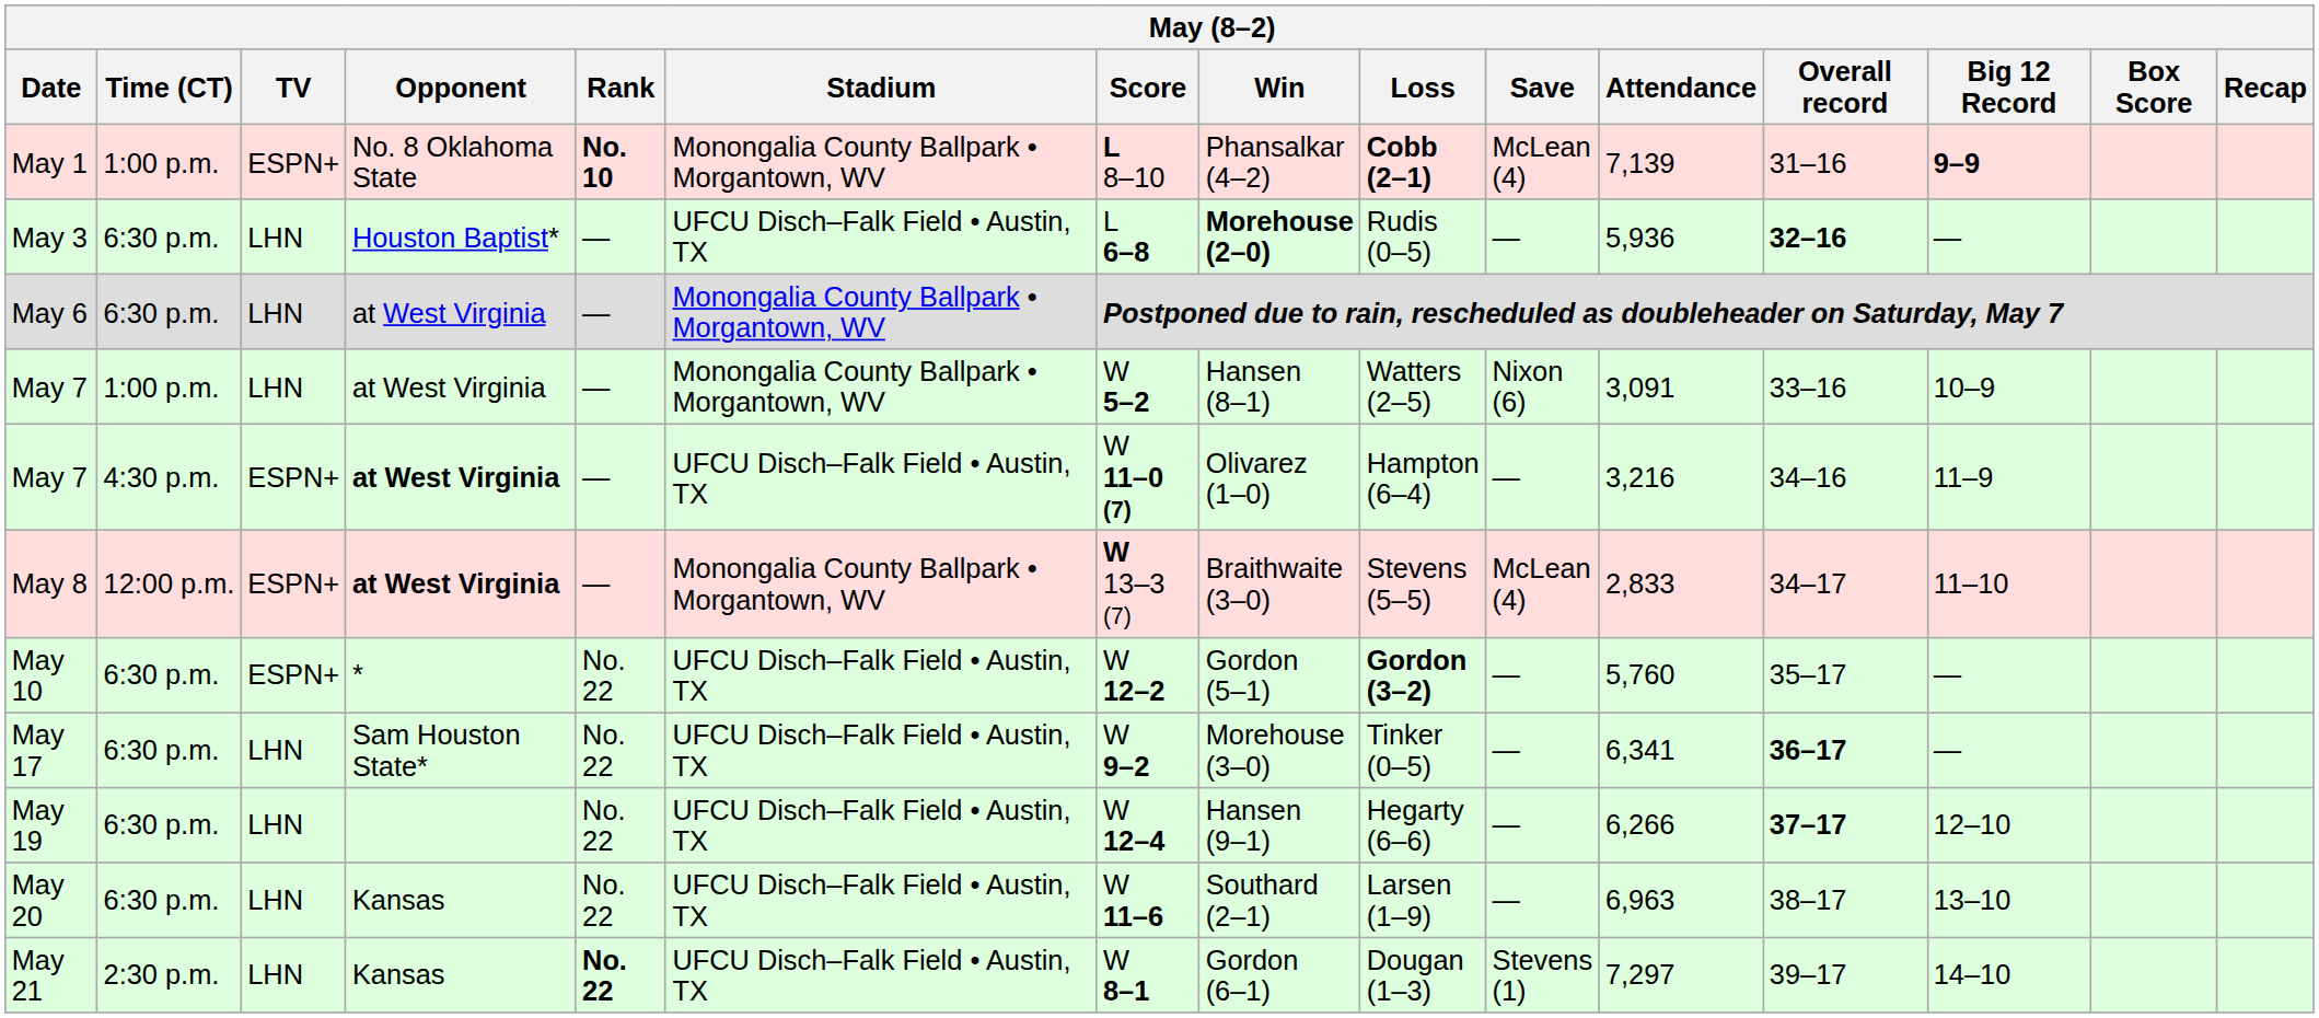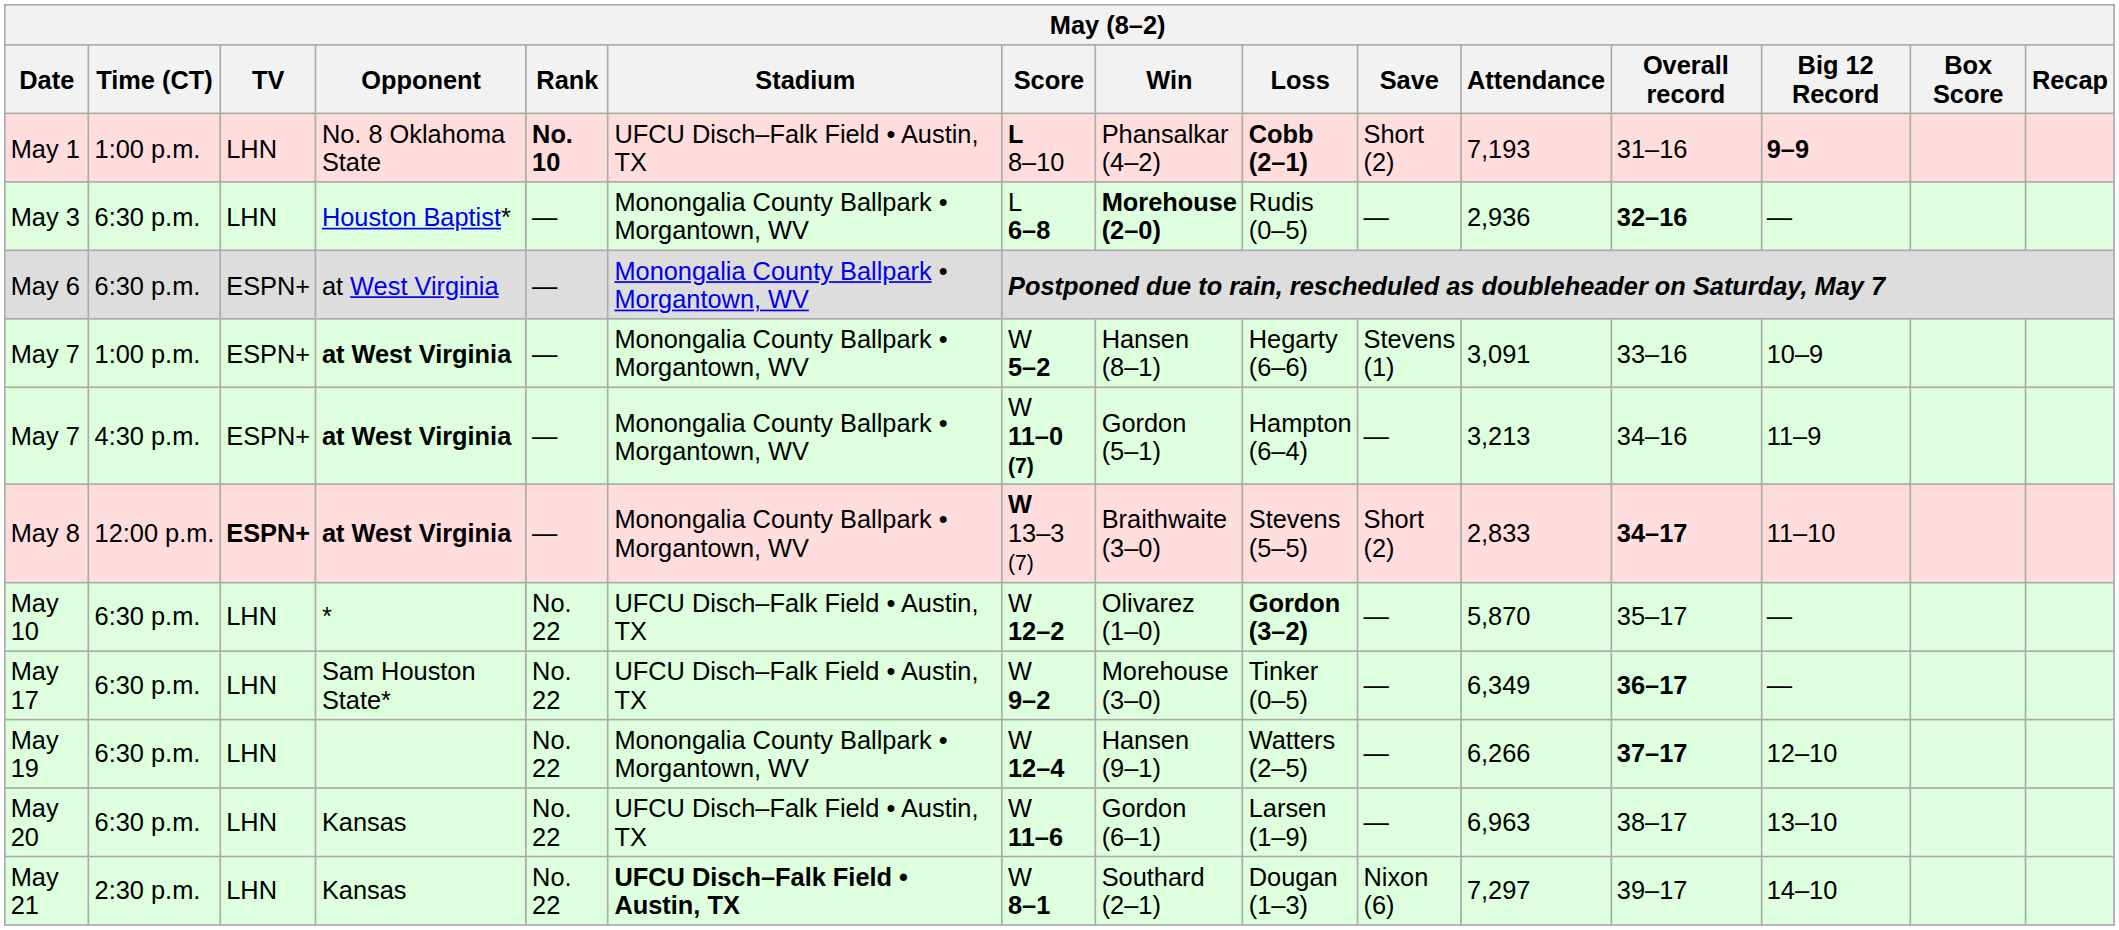 <table class="wikitable collapsible collapsed" style="margin:auto; font-size:95%; width:100%">
 <tr>
 <th colspan=15 style="padding-left:4em;">May (8–2)</th>
 </tr>
 <tr>
 <th>Date</th>
 <th>Time (CT)</th>
 <th>TV</th>
 <th>Opponent</th>
 <th>Rank</th>
 <th>Stadium</th>
 <th>Score</th>
 <th>Win</th>
 <th>Loss</th>
 <th>Save</th>
 <th>Attendance</th>
 <th>Overall record</th>
 <th>Big 12 Record</th>
 <th>Box Score</th>
 <th>Recap</th>
 </tr>
 <tr bgcolor=#Ffdddd>
 <td>May 1</td>
 <td>1:00 p.m.</td>
-<td>ESPN+</td>
+<td>LHN</td>
 <td>No. 8 Oklahoma State</td>
 <td><strong>No. 10</strong></td>
-<td>Monongalia County Ballpark • Morgantown, WV</td>
+<td>UFCU Disch–Falk Field • Austin, TX</td>
 <td><strong>L</strong><br>8–10</td>
 <td>Phansalkar<br>(4–2)</td>
 <td><strong>Cobb<br>(2–1)</strong></td>
-<td>McLean<br>(4)</td>
-<td>7,139</td>
+<td>Short<br>(2)</td>
+<td>7,193</td>
 <td>31–16</td>
 <td><strong>9–9</strong></td>
 <td></td>
 <td></td>
 </tr>
 <tr bgcolor=#ddffdd>
 <td>May 3</td>
 <td>6:30 p.m.</td>
 <td>LHN</td>
 <td><a href='#'>Houston Baptist</a>*</td>
 <td>—</td>
-<td>UFCU Disch–Falk Field • Austin, TX</td>
+<td>Monongalia County Ballpark • Morgantown, WV</td>
 <td></strong>L<strong><br>6–8</td>
 <td><strong>Morehouse<br>(2–0)</strong></td>
 <td>Rudis<br>(0–5)</td>
 <td>—</td>
-<td>5,936</td>
+<td>2,936</td>
 <td><strong>32–16</strong></td>
 <td>—</td>
 <td></td>
 <td></td>
 </tr>
 <tr bgcolor=#dddddd>
 <td>May 6</td>
 <td>6:30 p.m.</td>
-<td>LHN</td>
+<td>ESPN+</td>
 <td>at <a href='#'>West Virginia</a></td>
 <td>—</td>
 <td><a href='#'>Monongalia County Ballpark</a> • <a href='#'>Morgantown, WV</a></td>
 <td colspan=9><strong><em>Postponed<strong> due to rain, rescheduled as doubleheader on Saturday, May 7<em></td>
 </tr>
 <tr bgcolor=#ddffdd>
 <td>May 7</td>
 <td>1:00 p.m.</td>
-<td>LHN</td>
-<td>at West Virginia</td>
+<td>ESPN+</td>
+<td><strong>at West Virginia</strong></td>
 <td>—</td>
 <td>Monongalia County Ballpark • Morgantown, WV</td>
 <td></strong>W<strong><br>5–2</td>
 <td></strong>Hansen<br>(8–1)<strong></td>
-<td>Watters<br>(2–5)</td>
-<td></strong>Nixon<br>(6)<strong></td>
+<td>Hegarty<br>(6–6)</td>
+<td></strong>Stevens<br>(1)<strong></td>
 <td>3,091</td>
 <td>33–16</td>
 <td>10–9</td>
 <td></td>
 <td></td>
 </tr>
 <tr bgcolor=#ddffdd>
 <td>May 7</td>
 <td>4:30 p.m.</td>
 <td>ESPN+</td>
 <td><strong>at West Virginia</strong></td>
 <td>—</td>
-<td>UFCU Disch–Falk Field • Austin, TX</td>
+<td>Monongalia County Ballpark • Morgantown, WV</td>
 <td></strong>W<strong><br>11–0 <small>(7)</small></td>
-<td></strong>Olivarez<br>(1–0)<strong></td>
+<td></strong>Gordon<br>(5–1)<strong></td>
 <td>Hampton<br>(6–4)</td>
 <td>—</td>
-<td>3,216</td>
+<td>3,213</td>
 <td>34–16</td>
 <td>11–9</td>
 <td></td>
 <td></td>
 </tr>
 <tr bgcolor=#Ffdddd>
 <td>May 8</td>
 <td>12:00 p.m.</td>
-<td>ESPN+</td>
+<td><strong>ESPN+</strong></td>
 <td><strong>at West Virginia</strong></td>
 <td>—</td>
 <td>Monongalia County Ballpark • Morgantown, WV</td>
 <td><strong>W</strong><br>13–3 <small>(7)</small></td>
 <td>Braithwaite<br>(3–0)</td>
 <td></strong>Stevens<br>(5–5)<strong></td>
-<td>McLean<br>(4)</td>
+<td>Short<br>(2)</td>
 <td>2,833</td>
-<td>34–17</td>
+<td><strong>34–17</strong></td>
 <td>11–10</td>
 <td></td>
 <td></td>
 </tr>
 <tr bgcolor=#ddffdd>
 <td>May 10</td>
 <td>6:30 p.m.</td>
-<td>ESPN+</td>
+<td>LHN</td>
 <td>*</td>
 <td>No. 22</td>
 <td>UFCU Disch–Falk Field • Austin, TX</td>
 <td></strong>W<strong><br>12–2</td>
-<td></strong>Gordon<br>(5–1)<strong></td>
+<td></strong>Olivarez<br>(1–0)<strong></td>
 <td><strong>Gordon<br>(3–2)</strong></td>
 <td>—</td>
-<td>5,760</td>
+<td>5,870</td>
 <td>35–17</td>
 <td>—</td>
 <td></td>
 <td></td>
 </tr>
 <tr bgcolor=#ddffdd>
 <td>May 17</td>
 <td>6:30 p.m.</td>
 <td>LHN</td>
 <td>Sam Houston State*</td>
 <td>No. 22</td>
 <td>UFCU Disch–Falk Field • Austin, TX</td>
 <td></strong>W<strong><br>9–2</td>
 <td></strong>Morehouse<br>(3–0)<strong></td>
 <td>Tinker<br>(0–5)</td>
 <td>—</td>
-<td>6,341</td>
+<td>6,349</td>
 <td><strong>36–17</strong></td>
 <td>—</td>
 <td></td>
 <td></td>
 </tr>
 <tr bgcolor=#ddffdd>
 <td>May 19</td>
 <td>6:30 p.m.</td>
 <td>LHN</td>
 <td></td>
 <td>No. 22</td>
-<td>UFCU Disch–Falk Field • Austin, TX</td>
+<td>Monongalia County Ballpark • Morgantown, WV</td>
 <td></strong>W<strong><br>12–4</td>
 <td></strong>Hansen<br>(9–1)<strong></td>
-<td>Hegarty<br>(6–6)</td>
+<td>Watters<br>(2–5)</td>
 <td>—</td>
 <td>6,266</td>
 <td><strong>37–17</strong></td>
 <td>12–10</td>
 <td></td>
 <td></td>
 </tr>
 <tr bgcolor=#ddffdd>
 <td>May 20</td>
 <td>6:30 p.m.</td>
 <td>LHN</td>
 <td>Kansas</td>
 <td>No. 22</td>
 <td>UFCU Disch–Falk Field • Austin, TX</td>
 <td></strong>W<strong><br>11–6</td>
-<td></strong>Southard<br>(2–1)<strong></td>
+<td></strong>Gordon<br>(6–1)<strong></td>
 <td>Larsen<br>(1–9)</td>
 <td>—</td>
 <td>6,963</td>
 <td>38–17</td>
 <td>13–10</td>
 <td></td>
 <td></td>
 </tr>
 <tr bgcolor=#ddffdd>
 <td>May 21</td>
 <td>2:30 p.m.</td>
 <td>LHN</td>
 <td>Kansas</td>
-<td><strong>No. 22</strong></td>
-<td>UFCU Disch–Falk Field • Austin, TX</td>
+<td>No. 22</td>
+<td><strong>UFCU Disch–Falk Field • Austin, TX</strong></td>
 <td></strong>W<strong><br>8–1</td>
-<td></strong>Gordon<br>(6–1)<strong></td>
+<td></strong>Southard<br>(2–1)<strong></td>
 <td>Dougan<br>(1–3)</td>
-<td></strong>Stevens<br>(1)<strong></td>
+<td></strong>Nixon<br>(6)<strong></td>
 <td>7,297</td>
 <td>39–17</td>
 <td>14–10</td>
 <td></td>
 <td></td>
 </tr>
 </table>
